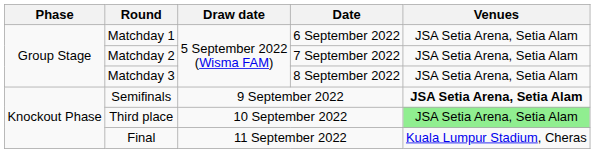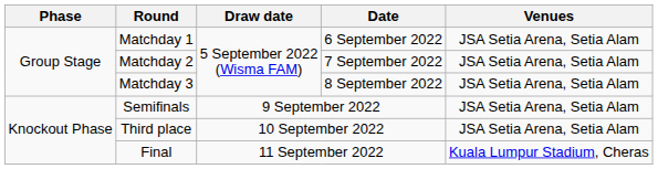 <table class="wikitable" style="text-align: center;">
 <tr>
 <th>Phase</th>
 <th>Round</th>
 <th>Draw date</th>
 <th>Date</th>
 <th>Venues</th>
 </tr>
 <tr>
 <td rowspan="3">Group Stage</td>
 <td>Matchday 1</td>
 <td rowspan="3">5 September 2022<br>(<a href='#'>Wisma FAM</a>)</td>
 <td>6 September 2022</td>
 <td>JSA Setia Arena, Setia Alam</td>
 </tr>
 <tr>
 <td>Matchday 2</td>
 <td>7 September 2022</td>
 <td>JSA Setia Arena, Setia Alam</td>
 </tr>
 <tr>
 <td>Matchday 3</td>
 <td>8 September 2022</td>
 <td>JSA Setia Arena, Setia Alam</td>
 </tr>
 <tr>
 <td rowspan="3">Knockout Phase</td>
 <td>Semifinals</td>
 <td colspan="2">9 September 2022</td>
-<td><strong>JSA Setia Arena, Setia Alam</strong></td>
+<td>JSA Setia Arena, Setia Alam</td>
 </tr>
 <tr>
 <td>Third place</td>
 <td colspan="2">10 September 2022</td>
-<td style="background: lightgreen;">JSA Setia Arena, Setia Alam</td>
+<td>JSA Setia Arena, Setia Alam</td>
 </tr>
 <tr>
 <td>Final</td>
 <td colspan="2">11 September 2022</td>
 <td><a href='#'>Kuala Lumpur Stadium</a>, Cheras</td>
 </tr>
 </table>
